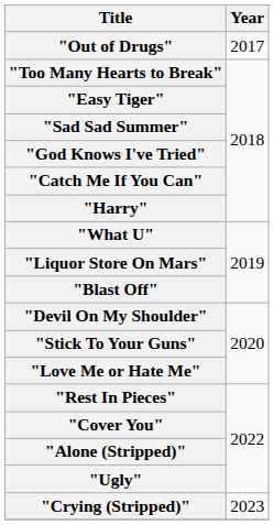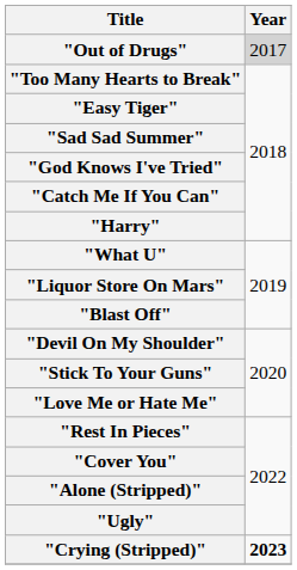 <table class="wikitable plainrowheaders" style="text-align:center">
 <tr>
 <th>Title</th>
 <th>Year</th>
 </tr>
 <tr>
 <th scope="row">"Out of Drugs"</th>
-<td>2017</td>
+<td style="background: lightgrey;">2017</td>
 </tr>
 <tr>
 <th scope="row">"Too Many Hearts to Break"</th>
 <td rowspan="6">2018</td>
 </tr>
 <tr>
 <th scope="row">"Easy Tiger"<br></th>
 </tr>
 <tr>
 <th scope="row">"Sad Sad Summer"</th>
 </tr>
 <tr>
 <th scope="row">"God Knows I've Tried"</th>
 </tr>
 <tr>
 <th scope="row">"Catch Me If You Can"</th>
 </tr>
 <tr>
 <th scope="row">"Harry"</th>
 </tr>
 <tr>
 <th scope="row">"What U"</th>
 <td rowspan="3">2019</td>
 </tr>
 <tr>
 <th scope="row">"Liquor Store On Mars"</th>
 </tr>
 <tr>
 <th scope="row">"Blast Off"</th>
 </tr>
 <tr>
 <th scope="row">"Devil On My Shoulder"</th>
 <td rowspan="3">2020</td>
 </tr>
 <tr>
 <th scope="row">"Stick To Your Guns"</th>
 </tr>
 <tr>
 <th scope="row">"Love Me or Hate Me"</th>
 </tr>
 <tr>
 <th scope="row">"Rest In Pieces"<br></th>
 <td rowspan="4">2022</td>
 </tr>
 <tr>
 <th scope="row">"Cover You"</th>
 </tr>
 <tr>
 <th scope="row">"Alone (Stripped)"</th>
 </tr>
 <tr>
 <th scope="row">"Ugly"<br></th>
 </tr>
 <tr>
 <th scope="row">"Crying (Stripped)"</th>
-<td rowspan="1">2023</td>
+<td rowspan="1"><strong>2023</strong></td>
 </tr>
 <tr>
 </tr>
 </table>
